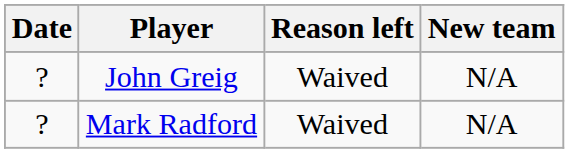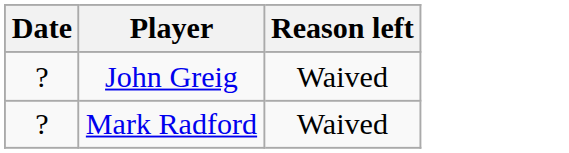 <table class="wikitable sortable sortable">
 <tr>
 <th>Date</th>
 <th>Player</th>
 <th>Reason left</th>
-<th>New team</th>
 </tr>
 <tr style="text-align: center">
 <td>?</td>
 <td><a href='#'>John Greig</a></td>
 <td>Waived</td>
-<td>N/A</td>
 </tr>
 <tr style="text-align: center">
 <td>?</td>
 <td><a href='#'>Mark Radford</a></td>
 <td>Waived</td>
-<td>N/A</td>
 </tr>
 </table>
